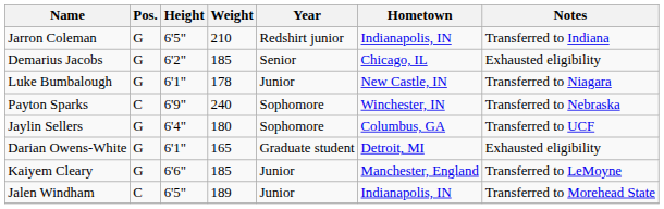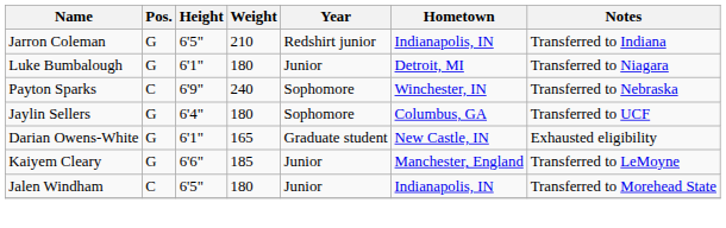 <table class="wikitable sortable" border="1">
 <tr align=center>
 <th>Name</th>
 <th>Pos.</th>
 <th>Height</th>
 <th>Weight</th>
 <th>Year</th>
 <th>Hometown</th>
 <th>Notes</th>
 </tr>
 <tr>
 <td>Jarron Coleman</td>
 <td>G</td>
 <td>6'5"</td>
 <td>210</td>
 <td>Redshirt junior</td>
 <td><a href='#'>Indianapolis, IN</a></td>
 <td>Transferred to <a href='#'>Indiana</a></td>
 </tr>
 <tr>
-<td>Demarius Jacobs</td>
-<td>G</td>
-<td>6'2"</td>
-<td>185</td>
-<td>Senior</td>
-<td><a href='#'>Chicago, IL</a></td>
-<td>Exhausted eligibility</td>
-</tr>
-<tr>
 <td>Luke Bumbalough</td>
 <td>G</td>
 <td>6'1"</td>
-<td>178</td>
+<td>180</td>
 <td>Junior</td>
-<td><a href='#'>New Castle, IN</a></td>
+<td><a href='#'>Detroit, MI</a></td>
 <td>Transferred to <a href='#'>Niagara</a></td>
 </tr>
 <tr>
 <td>Payton Sparks</td>
 <td>C</td>
 <td>6'9"</td>
 <td>240</td>
 <td>Sophomore</td>
 <td><a href='#'>Winchester, IN</a></td>
 <td>Transferred to <a href='#'>Nebraska</a></td>
 </tr>
 <tr>
 <td>Jaylin Sellers</td>
 <td>G</td>
 <td>6'4"</td>
 <td>180</td>
 <td>Sophomore</td>
 <td><a href='#'>Columbus, GA</a></td>
 <td>Transferred to <a href='#'>UCF</a></td>
 </tr>
 <tr>
 <td>Darian Owens-White</td>
 <td>G</td>
 <td>6'1"</td>
 <td>165</td>
 <td>Graduate student</td>
-<td><a href='#'>Detroit, MI</a></td>
+<td><a href='#'>New Castle, IN</a></td>
 <td>Exhausted eligibility</td>
 </tr>
 <tr>
 <td>Kaiyem Cleary</td>
 <td>G</td>
 <td>6'6"</td>
 <td>185</td>
 <td>Junior</td>
 <td><a href='#'>Manchester, England</a></td>
 <td>Transferred to <a href='#'>LeMoyne</a></td>
 </tr>
 <tr>
 <td>Jalen Windham</td>
 <td>C</td>
 <td>6'5"</td>
-<td>189</td>
+<td>180</td>
 <td>Junior</td>
 <td><a href='#'>Indianapolis, IN</a></td>
 <td>Transferred to <a href='#'>Morehead State</a></td>
 </tr>
 <tr>
 </tr>
 </table>
